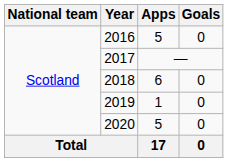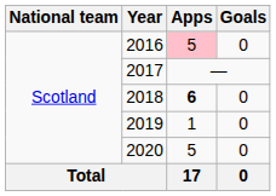 <table class="wikitable" style="text-align: center">
 <tr>
 <th>National team</th>
 <th>Year</th>
 <th>Apps</th>
 <th>Goals</th>
 </tr>
 <tr>
 <td rowspan="5"><a href='#'>Scotland</a></td>
 <td>2016</td>
-<td>5</td>
+<td style="background: pink;">5</td>
 <td>0</td>
 </tr>
 <tr>
 <td>2017</td>
 <td colspan=2>—</td>
 </tr>
 <tr>
 <td>2018</td>
-<td>6</td>
+<td><strong>6</strong></td>
 <td>0</td>
 </tr>
 <tr>
 <td>2019</td>
 <td>1</td>
 <td>0</td>
 </tr>
 <tr>
 <td>2020</td>
 <td>5</td>
 <td>0</td>
 </tr>
 <tr>
 <th colspan="2">Total</th>
 <th>17</th>
 <th>0</th>
 </tr>
 </table>
